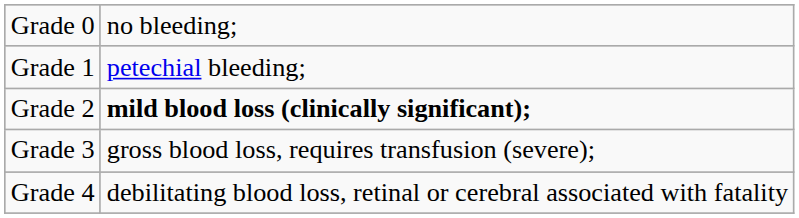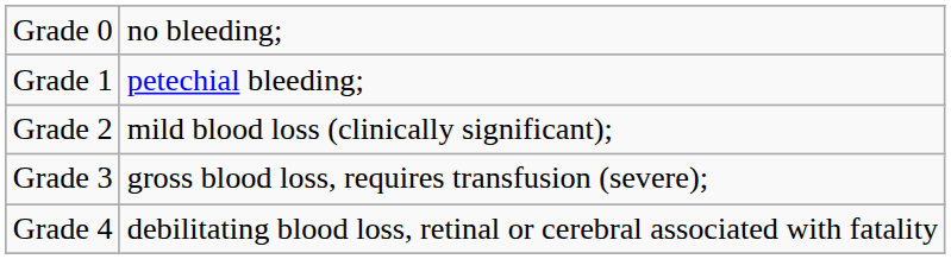 <table class ="wikitable">
 <tr>
 <td>Grade 0</td>
 <td>no bleeding;</td>
 </tr>
 <tr>
 <td>Grade 1</td>
 <td><a href='#'>petechial</a> bleeding;</td>
 </tr>
 <tr>
 <td>Grade 2</td>
-<td><strong>mild blood loss (clinically significant);</strong></td>
+<td>mild blood loss (clinically significant);</td>
 </tr>
 <tr>
 <td>Grade 3</td>
 <td>gross blood loss, requires transfusion (severe);</td>
 </tr>
 <tr>
 <td>Grade 4</td>
 <td>debilitating blood loss, retinal or cerebral associated with fatality</td>
 </tr>
 </table>
